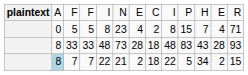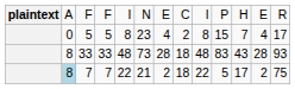 <table class="wikitable" border="1" style="text-align:right">
 <tr>
 <th>plaintext</th>
 <td>A</td>
 <td>F</td>
 <td>F</td>
 <td>I</td>
 <td>N</td>
 <td>E</td>
 <td>C</td>
 <td>I</td>
 <td>P</td>
 <td>H</td>
 <td>E</td>
 <td>R</td>
 </tr>
 <tr>
 <th></th>
 <td>0</td>
 <td>5</td>
 <td>5</td>
 <td>8</td>
 <td>23</td>
 <td>4</td>
 <td>2</td>
 <td>8</td>
 <td>15</td>
 <td>7</td>
 <td>4</td>
-<td>71</td>
+<td>17</td>
 </tr>
 <tr>
 <th></th>
 <td>8</td>
 <td>33</td>
 <td>33</td>
 <td>48</td>
 <td>73</td>
 <td>28</td>
 <td>18</td>
 <td>48</td>
 <td>83</td>
 <td>43</td>
 <td>28</td>
 <td>93</td>
 </tr>
 <tr>
 <th></th>
 <td style="background: lightblue;">8</td>
 <td>7</td>
 <td>7</td>
 <td>22</td>
 <td>21</td>
 <td>2</td>
 <td>18</td>
 <td>22</td>
 <td>5</td>
-<td>34</td>
+<td>17</td>
 <td>2</td>
-<td>15</td>
+<td>75</td>
 </tr>
 </table>
